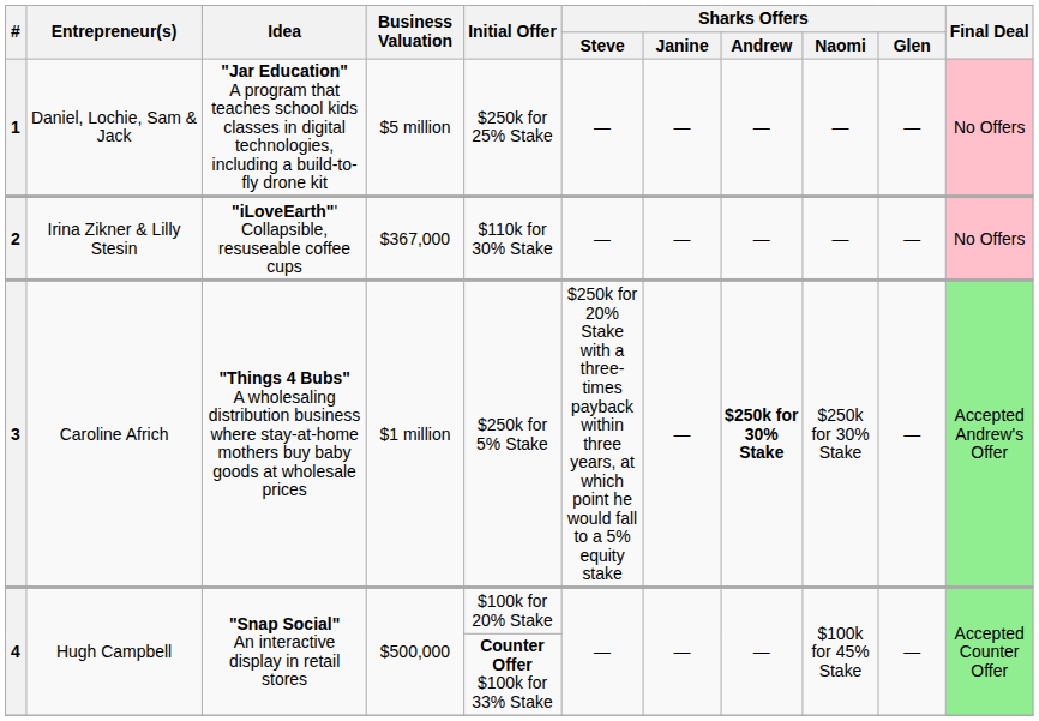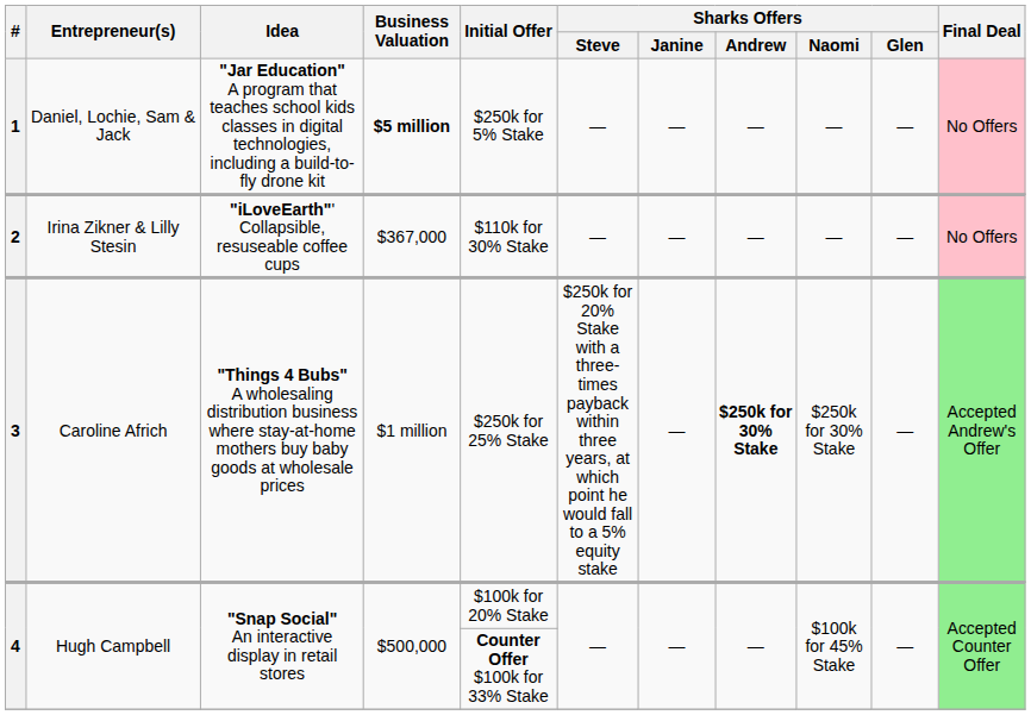 <table class="wikitable plainrowheaders" style="font-size:90%; text-align:center; width: 100%; margin-left: auto; margin-right: auto;">
 <tr>
 <th scope="col" bgcolor="lightgrey" rowspan="2" width="15" align="center">#</th>
 <th scope="col" bgcolor="lightgrey" rowspan="2" width="200" align="center">Entrepreneur(s)</th>
 <th scope="col" bgcolor="lightgrey" rowspan="2" width="200" align="center">Idea</th>
 <th scope="col" bgcolor="lightgrey" rowspan="2" width="95" align="center">Business Valuation</th>
 <th scope="col" bgcolor="lightgrey" rowspan="2" width="110" align="center">Initial Offer</th>
 <th scope="col" bgcolor="lightgrey" colspan="5">Sharks Offers</th>
 <th scope="col" bgcolor="lightgrey" rowspan="2" width="80" align="center">Final Deal</th>
 </tr>
 <tr>
 <th width="80" align="center"><strong>Steve</strong></th>
 <th width="80" align="center"><strong>Janine</strong></th>
 <th width="80" align="center"><strong>Andrew</strong></th>
 <th width="80" align="center"><strong>Naomi</strong></th>
 <th width="80" align="center"><strong>Glen</strong></th>
 </tr>
 <tr>
 <th>1</th>
 <td>Daniel, Lochie, Sam & Jack</td>
 <td><strong>"Jar Education"</strong><br> A program that teaches school kids classes in digital technologies, including a build-to-fly drone kit</td>
-<td>$5 million</td>
-<td>$250k for 25% Stake</td>
+<td><strong>$5 million</strong></td>
+<td>$250k for 5% Stake</td>
 <td>—</td>
 <td>—</td>
 <td>—</td>
 <td>—</td>
 <td>—</td>
 <td bgcolor="pink">No Offers</td>
 </tr>
 <tr>
 </tr>
 <tr style="border-top:3px solid #aaa;">
 <th>2</th>
 <td>Irina Zikner & Lilly Stesin</td>
 <td><strong>"iLoveEarth"</strong>'<br> Collapsible, resuseable coffee cups</td>
 <td>$367,000</td>
 <td>$110k for 30% Stake</td>
 <td>—</td>
 <td>—</td>
 <td>—</td>
 <td>—</td>
 <td>—</td>
 <td bgcolor="pink">No Offers</td>
 </tr>
 <tr>
 </tr>
 <tr style="border-top:3px solid #aaa;">
 <th>3</th>
 <td>Caroline Africh</td>
 <td><strong>"Things 4 Bubs"</strong><br> A wholesaling distribution business where stay-at-home mothers buy baby goods at wholesale prices</td>
 <td>$1 million</td>
-<td>$250k for 5% Stake</td>
+<td>$250k for 25% Stake</td>
 <td>$250k for 20% Stake with a three-times payback within three years, at which point he would fall to a 5% equity stake</td>
 <td>—</td>
 <td><strong>$250k for 30% Stake</strong></td>
 <td>$250k for 30% Stake</td>
 <td>—</td>
 <td bgcolor="lightgreen">Accepted Andrew's Offer</td>
 </tr>
 <tr>
 </tr>
 <tr style="border-top:3px solid #aaa;">
 <th rowspan="2">4</th>
 <td rowspan="2">Hugh Campbell</td>
 <td rowspan="2"><strong>"Snap Social"</strong><br> An interactive display in retail stores</td>
 <td rowspan="2">$500,000</td>
 <td>$100k for 20% Stake</td>
 <td rowspan="2">—</td>
 <td rowspan="2">—</td>
 <td rowspan="2">—</td>
 <td rowspan="2">$100k for 45% Stake</td>
 <td rowspan="2">—</td>
 <td rowspan="2" bgcolor="lightgreen">Accepted Counter Offer</td>
 </tr>
 <tr>
 <td><strong>Counter Offer</strong><br>$100k for 33% Stake</td>
 </tr>
 <tr>
 </tr>
 </table>
